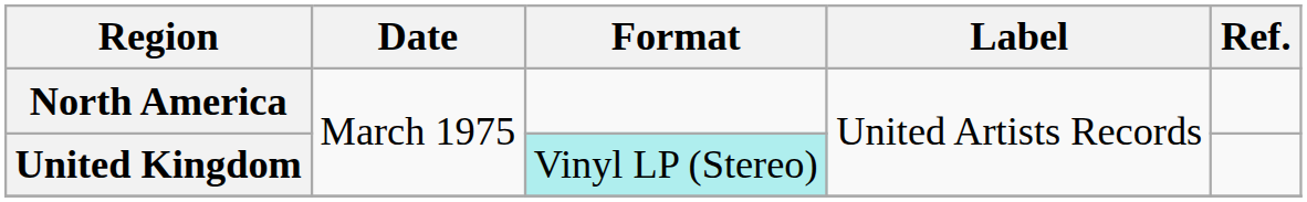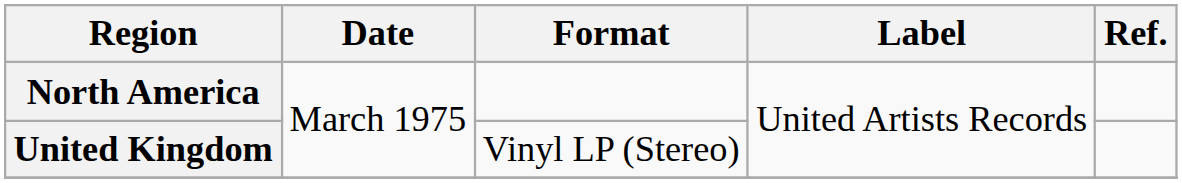 <table class="wikitable plainrowheaders">
 <tr>
 <th scope="col">Region</th>
 <th scope="col">Date</th>
 <th scope="col">Format</th>
 <th scope="col">Label</th>
 <th scope="col">Ref.</th>
 </tr>
 <tr>
 <th scope="row">North America</th>
 <td rowspan="2">March 1975</td>
 <td></td>
 <td rowspan="2">United Artists Records</td>
 <td></td>
 </tr>
 <tr>
 <th scope="row">United Kingdom</th>
-<td style="background: paleturquoise;">Vinyl LP (Stereo)</td>
+<td>Vinyl LP (Stereo)</td>
 <td></td>
 </tr>
 <tr>
 </tr>
 </table>
